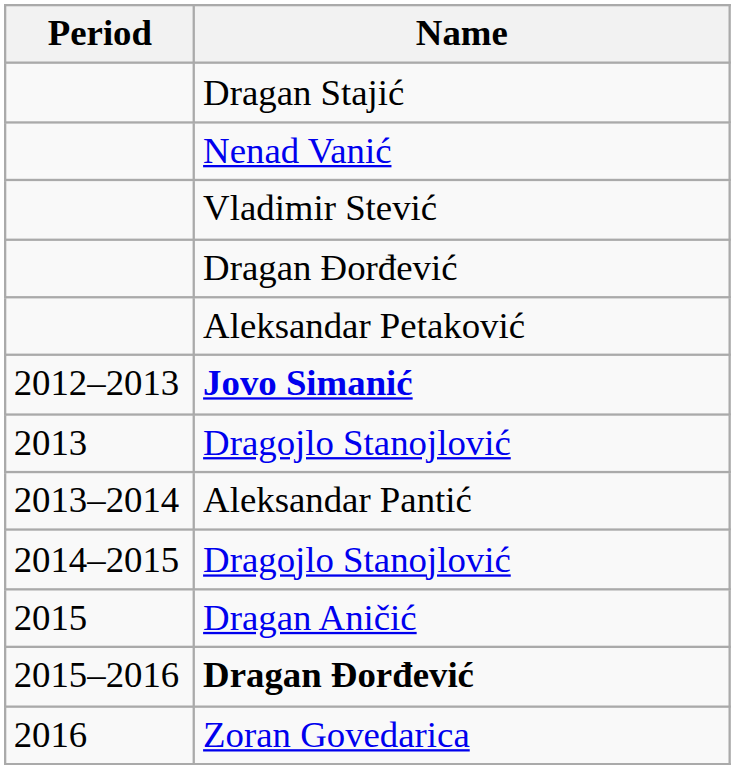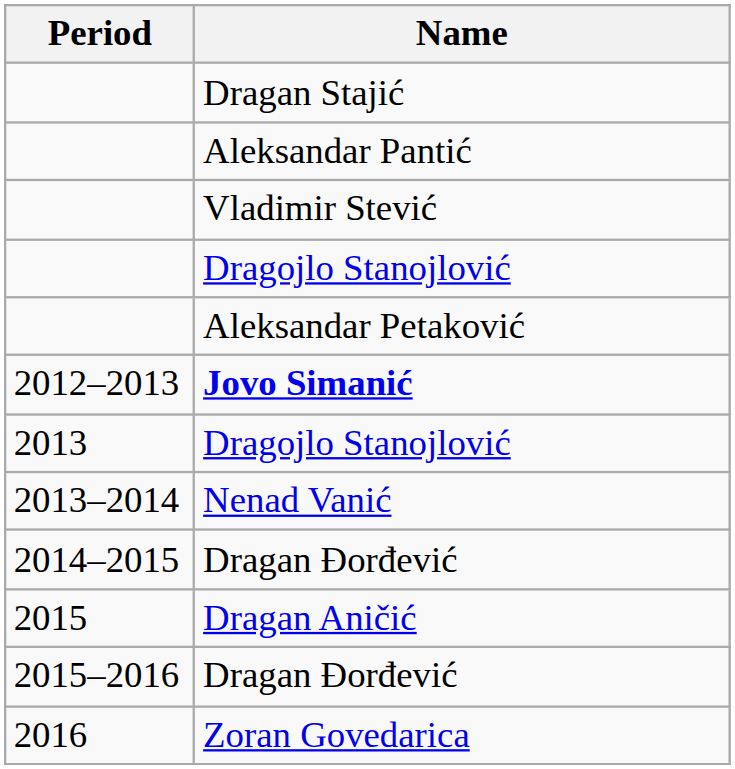 <table class="wikitable">
 <tr>
 <th width="75">Period</th>
 <th width="225">Name</th>
 </tr>
 <tr>
 <td></td>
 <td> Dragan Stajić</td>
 </tr>
 <tr>
 <td></td>
-<td> <a href='#'>Nenad Vanić</a></td>
+<td> Aleksandar Pantić</td>
 </tr>
 <tr>
 <td></td>
 <td> Vladimir Stević</td>
 </tr>
 <tr>
 <td></td>
-<td> Dragan Đorđević</td>
+<td> <a href='#'>Dragojlo Stanojlović</a></td>
 </tr>
 <tr>
 <td></td>
 <td> Aleksandar Petaković</td>
 </tr>
 <tr>
 <td>2012–2013</td>
 <td><strong> <a href='#'>Jovo Simanić</a></strong></td>
 </tr>
 <tr>
 <td>2013</td>
 <td> <a href='#'>Dragojlo Stanojlović</a></td>
 </tr>
 <tr>
 <td>2013–2014</td>
-<td> Aleksandar Pantić</td>
+<td> <a href='#'>Nenad Vanić</a></td>
 </tr>
 <tr>
 <td>2014–2015</td>
-<td> <a href='#'>Dragojlo Stanojlović</a></td>
+<td> Dragan Đorđević</td>
 </tr>
 <tr>
 <td>2015</td>
 <td> <a href='#'>Dragan Aničić</a></td>
 </tr>
 <tr>
 <td>2015–2016</td>
-<td><strong> Dragan Đorđević</strong></td>
+<td> Dragan Đorđević</td>
 </tr>
 <tr>
 <td>2016</td>
 <td> <a href='#'>Zoran Govedarica</a></td>
 </tr>
 </table>
